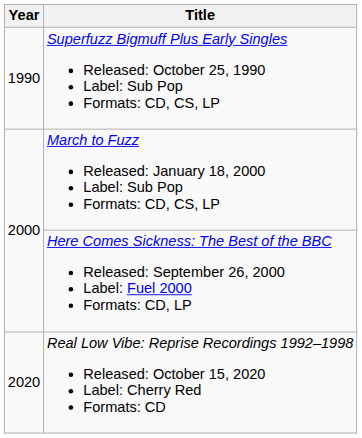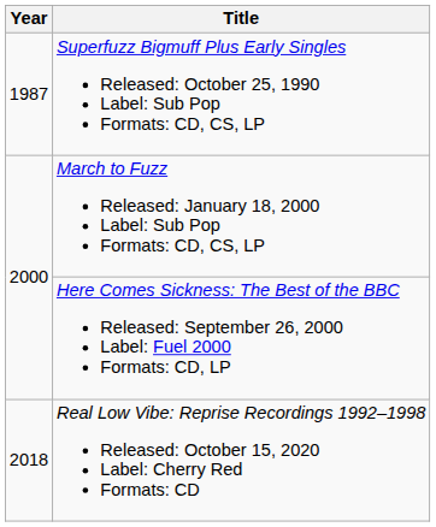 <table class="wikitable">
 <tr>
 <th>Year</th>
 <th>Title</th>
 </tr>
 <tr>
-<td>1990</td>
+<td>1987</td>
 <td><em><a href='#'>Superfuzz Bigmuff Plus Early Singles</a></em><br><ul><li>Released: October 25, 1990</li><li>Label: Sub Pop</li><li>Formats: CD, CS, LP</li></ul></td>
 </tr>
 <tr>
 <td rowspan="2">2000</td>
 <td><em><a href='#'>March to Fuzz</a></em><br><ul><li>Released: January 18, 2000</li><li>Label: Sub Pop</li><li>Formats: CD, CS, LP</li></ul></td>
 </tr>
 <tr>
 <td><em><a href='#'>Here Comes Sickness: The Best of the BBC</a></em><br><ul><li>Released: September 26, 2000</li><li>Label: <a href='#'>Fuel 2000</a></li><li>Formats: CD, LP</li></ul></td>
 </tr>
 <tr>
-<td>2020</td>
+<td>2018</td>
 <td><em>Real Low Vibe: Reprise Recordings 1992–1998</em><br><ul><li>Released: October 15, 2020</li><li>Label: Cherry Red</li><li>Formats: CD</li></ul></td>
 </tr>
 </table>
